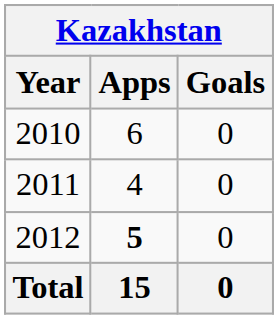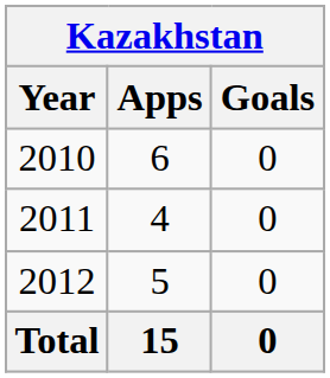 <table class="wikitable" style="text-align:center">
 <tr>
 <th colspan=3><a href='#'>Kazakhstan</a></th>
 </tr>
 <tr>
 <th>Year</th>
 <th>Apps</th>
 <th>Goals</th>
 </tr>
 <tr>
 <td>2010</td>
 <td>6</td>
 <td>0</td>
 </tr>
 <tr>
 <td>2011</td>
 <td>4</td>
 <td>0</td>
 </tr>
 <tr>
 <td>2012</td>
-<td><strong>5</strong></td>
+<td>5</td>
 <td>0</td>
 </tr>
 <tr>
 <th>Total</th>
 <th>15</th>
 <th>0</th>
 </tr>
 </table>
